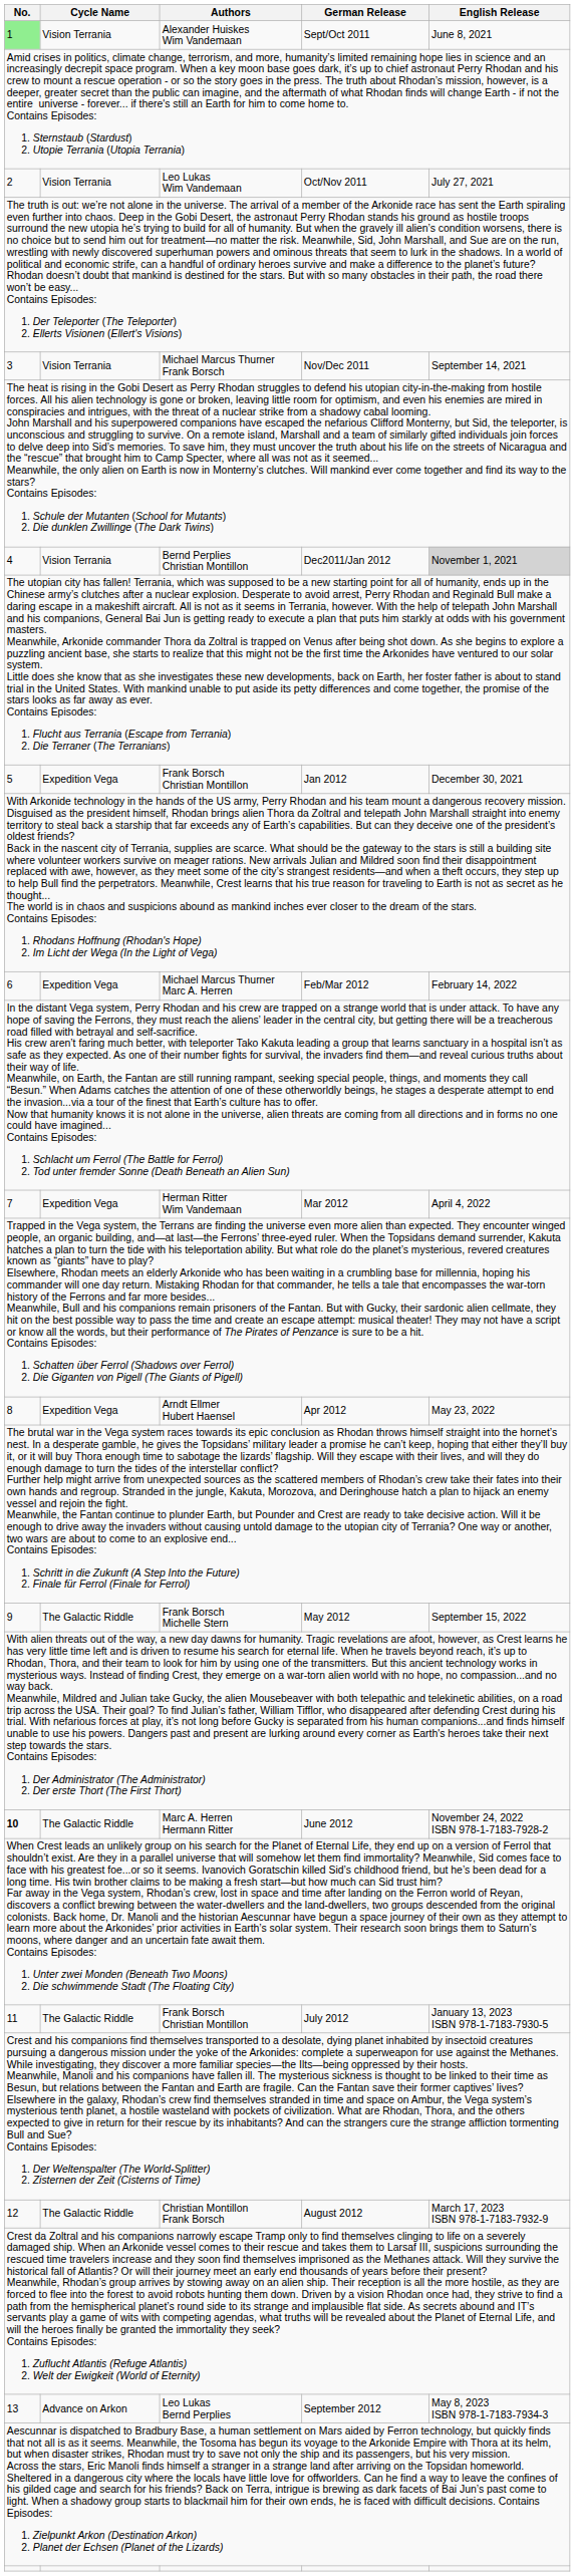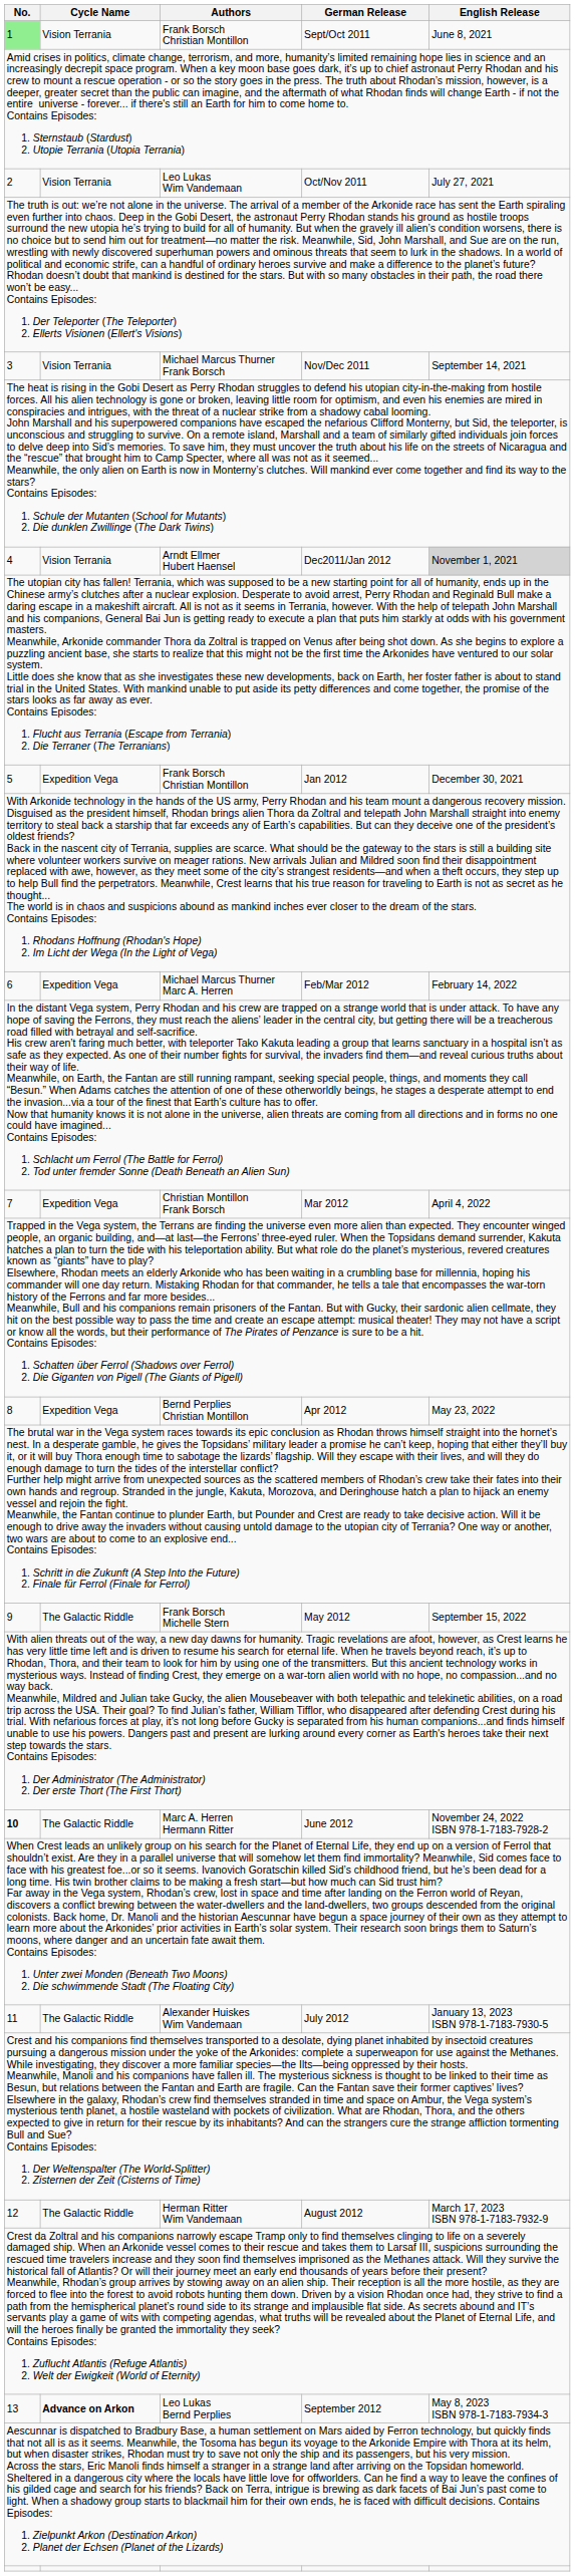 <table class="wikitable">
 <tr>
 <th>No.</th>
 <th>Cycle Name</th>
 <th>Authors</th>
 <th>German Release</th>
 <th>English Release</th>
 </tr>
 <tr>
 <td style="background: lightgreen;">1</td>
 <td>Vision Terrania</td>
-<td>Alexander Huiskes<br>Wim Vandemaan</td>
+<td>Frank Borsch<br>Christian Montillon</td>
 <td>Sept/Oct 2011</td>
 <td>June 8, 2021<br></td>
 </tr>
 <tr>
 <td colspan="5">Amid crises in politics, climate change, terrorism, and more, humanity’s limited remaining hope lies in science and an increasingly decrepit space program. When a key moon base goes dark, it’s up to chief astronaut Perry Rhodan and his crew to mount a rescue operation - or so the story goes in the press. The truth about Rhodan’s mission, however, is a deeper, greater secret than the public can imagine, and the aftermath of what Rhodan finds will change Earth - if not the entire  universe - forever... if there's still an Earth for him to come home to.<br>Contains Episodes:<ol><li><em>Sternstaub</em> (<em>Stardust</em>)</li><li><em>Utopie Terrania</em> (<em>Utopia Terrania</em>)</li></ol></td>
 </tr>
 <tr>
 <td>2</td>
 <td>Vision Terrania</td>
 <td>Leo Lukas<br>Wim Vandemaan</td>
 <td>Oct/Nov 2011</td>
 <td>July 27, 2021<br></td>
 </tr>
 <tr>
 <td colspan="5">The truth is out: we’re not alone in the universe. The arrival of a member of the Arkonide race has sent the Earth spiraling even further into chaos. Deep in the Gobi Desert, the astronaut Perry Rhodan stands his ground as hostile troops surround the new utopia he’s trying to build for all of humanity. But when the gravely ill alien’s condition worsens, there is no choice but to send him out for treatment—no matter the risk. Meanwhile, Sid, John Marshall, and Sue are on the run, wrestling with newly discovered superhuman powers and ominous threats that seem to lurk in the shadows. In a world of political and economic strife, can a handful of ordinary heroes survive and make a difference to the planet’s future? Rhodan doesn’t doubt that mankind is destined for the stars. But with so many obstacles in their path, the road there won’t be easy...<br>Contains Episodes:<ol><li><em>Der Teleporter</em> (<em>The Teleporter</em>)</li><li><em>Ellerts Visionen</em> (<em>Ellert's Visions</em>)</li></ol></td>
 </tr>
 <tr>
 <td>3</td>
 <td>Vision Terrania</td>
 <td>Michael Marcus Thurner<br>Frank Borsch</td>
 <td>Nov/Dec 2011</td>
 <td>September 14, 2021<br></td>
 </tr>
 <tr>
 <td colspan="5">The heat is rising in the Gobi Desert as Perry Rhodan struggles to defend his utopian city-in-the-making from hostile forces. All his alien technology is gone or broken, leaving little room for optimism, and even his enemies are mired in conspiracies and intrigues, with the threat of a nuclear strike from a shadowy cabal looming.<br>John Marshall and his superpowered companions have escaped the nefarious Clifford Monterny, but Sid, the teleporter, is unconscious and struggling to survive. On a remote island, Marshall and a team of similarly gifted individuals join forces to delve deep into Sid’s memories. To save him, they must uncover the truth about his life on the streets of Nicaragua and the “rescue” that brought him to Camp Specter, where all was not as it seemed...<br>Meanwhile, the only alien on Earth is now in Monterny’s clutches. Will mankind ever come together and find its way to the stars?<br>Contains Episodes:<ol><li><em>Schule der Mutanten</em> (<em>School for Mutants</em>)</li><li><em>Die dunklen Zwillinge</em> (<em>The Dark Twins</em>)</li></ol></td>
 </tr>
 <tr>
 <td>4</td>
 <td>Vision Terrania</td>
-<td>Bernd Perplies<br>Christian Montillon</td>
+<td>Arndt Ellmer<br>Hubert Haensel</td>
 <td>Dec2011/Jan 2012</td>
 <td style="background: lightgrey;">November 1, 2021<br></td>
 </tr>
 <tr>
 <td colspan="5">The utopian city has fallen! Terrania, which was supposed to be a new starting point for all of humanity, ends up in the Chinese army’s clutches after a nuclear explosion. Desperate to avoid arrest, Perry Rhodan and Reginald Bull make a daring escape in a makeshift aircraft. All is not as it seems in Terrania, however. With the help of telepath John Marshall and his companions, General Bai Jun is getting ready to execute a plan that puts him starkly at odds with his government masters.<br>Meanwhile, Arkonide commander Thora da Zoltral is trapped on Venus after being shot down. As she begins to explore a puzzling ancient base, she starts to realize that this might not be the first time the Arkonides have ventured to our solar system.<br>Little does she know that as she investigates these new developments, back on Earth, her foster father is about to stand trial in the United States. With mankind unable to put aside its petty differences and come together, the promise of the stars looks as far away as ever.<br>Contains Episodes:<ol><li><em>Flucht aus Terrania</em> (<em>Escape from Terrania</em>)</li><li><em>Die Terraner</em> (<em>The Terranians</em>)</li></ol></td>
 </tr>
 <tr>
 <td>5</td>
 <td>Expedition Vega</td>
 <td>Frank Borsch<br>Christian Montillon</td>
 <td>Jan 2012</td>
 <td>December 30, 2021<br></td>
 </tr>
 <tr>
 <td colspan="5">With Arkonide technology in the hands of the US army, Perry Rhodan and his team mount a dangerous recovery mission. Disguised as the president himself, Rhodan brings alien Thora da Zoltral and telepath John Marshall straight into enemy territory to steal back a starship that far exceeds any of Earth’s capabilities. But can they deceive one of the president’s oldest friends?<br>Back in the nascent city of Terrania, supplies are scarce. What should be the gateway to the stars is still a building site where volunteer workers survive on meager rations. New arrivals Julian and Mildred soon find their disappointment replaced with awe, however, as they meet some of the city’s strangest residents—and when a theft occurs, they step up to help Bull find the perpetrators. Meanwhile, Crest learns that his true reason for traveling to Earth is not as secret as he thought...<br>The world is in chaos and suspicions abound as mankind inches ever closer to the dream of the stars.<br>Contains Episodes:<ol><li><em>Rhodans Hoffnung (Rhodan's Hope)</em></li><li><em>Im Licht der Wega (In the Light of Vega)</em></li></ol></td>
 </tr>
 <tr>
 <td>6</td>
 <td>Expedition Vega</td>
 <td>Michael Marcus Thurner<br>Marc A. Herren</td>
 <td>Feb/Mar 2012</td>
 <td>February 14, 2022<br></td>
 </tr>
 <tr>
 <td colspan="5">In the distant Vega system, Perry Rhodan and his crew are trapped on a strange world that is under attack. To have any hope of saving the Ferrons, they must reach the aliens’ leader in the central city, but getting there will be a treacherous road filled with betrayal and self-sacrifice.<br>His crew aren’t faring much better, with teleporter Tako Kakuta leading a group that learns sanctuary in a hospital isn’t as safe as they expected. As one of their number fights for survival, the invaders find them—and reveal curious truths about their way of life.<br>Meanwhile, on Earth, the Fantan are still running rampant, seeking special people, things, and moments they call “Besun.” When Adams catches the attention of one of these otherworldly beings, he stages a desperate attempt to end the invasion...via a tour of the finest that Earth’s culture has to offer.<br>Now that humanity knows it is not alone in the universe, alien threats are coming from all directions and in forms no one could have imagined...<br>Contains Episodes:<ol><li><em>Schlacht um Ferrol (The Battle for Ferrol)</em></li><li><em>Tod unter fremder Sonne (Death Beneath an Alien Sun)</em></li></ol></td>
 </tr>
 <tr>
 <td>7</td>
 <td>Expedition Vega</td>
-<td>Herman Ritter<br>Wim Vandemaan</td>
+<td>Christian Montillon<br>Frank Borsch</td>
 <td>Mar 2012</td>
 <td>April 4, 2022<br></td>
 </tr>
 <tr>
 <td colspan="5">Trapped in the Vega system, the Terrans are finding the universe even more alien than expected. They encounter winged people, an organic building, and—at last—the Ferrons’ three-eyed ruler. When the Topsidans demand surrender, Kakuta hatches a plan to turn the tide with his teleportation ability. But what role do the planet’s mysterious, revered creatures known as “giants” have to play?<br>Elsewhere, Rhodan meets an elderly Arkonide who has been waiting in a crumbling base for millennia, hoping his commander will one day return. Mistaking Rhodan for that commander, he tells a tale that encompasses the war-torn history of the Ferrons and far more besides...<br>Meanwhile, Bull and his companions remain prisoners of the Fantan. But with Gucky, their sardonic alien cellmate, they hit on the best possible way to pass the time and create an escape attempt: musical theater! They may not have a script or know all the words, but their performance of <em>The Pirates of Penzance</em> is sure to be a hit.<br>Contains Episodes:<ol><li><em>Schatten über Ferrol (Shadows over Ferrol)</em></li><li><em>Die Giganten von Pigell (The Giants of Pigell)</em></li></ol></td>
 </tr>
 <tr>
 <td>8</td>
 <td>Expedition Vega</td>
-<td>Arndt Ellmer<br>Hubert Haensel</td>
+<td>Bernd Perplies<br>Christian Montillon</td>
 <td>Apr 2012</td>
 <td>May 23, 2022<br></td>
 </tr>
 <tr>
 <td colspan="5">The brutal war in the Vega system races towards its epic conclusion as Rhodan throws himself straight into the hornet’s nest. In a desperate gamble, he gives the Topsidans’ military leader a promise he can’t keep, hoping that either they’ll buy it, or it will buy Thora enough time to sabotage the lizards’ flagship. Will they escape with their lives, and will they do enough damage to turn the tides of the interstellar conflict?<br>Further help might arrive from unexpected sources as the scattered members of Rhodan’s crew take their fates into their own hands and regroup. Stranded in the jungle, Kakuta, Morozova, and Deringhouse hatch a plan to hijack an enemy vessel and rejoin the fight.<br>Meanwhile, the Fantan continue to plunder Earth, but Pounder and Crest are ready to take decisive action. Will it be enough to drive away the invaders without causing untold damage to the utopian city of Terrania? One way or another, two wars are about to come to an explosive end...<br>Contains Episodes:<ol><li><em>Schritt in die Zukunft (A Step Into the Future)</em></li><li><em>Finale für Ferrol (Finale for Ferrol)</em></li></ol></td>
 </tr>
 <tr>
 <td>9</td>
 <td>The Galactic Riddle</td>
 <td>Frank Borsch<br>Michelle Stern</td>
 <td>May 2012</td>
 <td>September 15, 2022<br></td>
 </tr>
 <tr>
 <td colspan="5">With alien threats out of the way, a new day dawns for humanity. Tragic revelations are afoot, however, as Crest learns he has very little time left and is driven to resume his search for eternal life. When he travels beyond reach, it’s up to Rhodan, Thora, and their team to look for him by using one of the transmitters. But this ancient technology works in mysterious ways. Instead of finding Crest, they emerge on a war-torn alien world with no hope, no compassion...and no way back.<br>Meanwhile, Mildred and Julian take Gucky, the alien Mousebeaver with both telepathic and telekinetic abilities, on a road trip across the USA. Their goal? To find Julian’s father, William Tifflor, who disappeared after defending Crest during his trial. With nefarious forces at play, it’s not long before Gucky is separated from his human companions...and finds himself unable to use his powers. Dangers past and present are lurking around every corner as Earth's heroes take their next step towards the stars.<br>Contains Episodes:<ol><li><em>Der Administrator (The Administrator)</em></li><li><em>Der erste Thort (The First Thort)</em></li></ol></td>
 </tr>
 <tr>
 <td><strong>10</strong></td>
 <td>The Galactic Riddle</td>
 <td>Marc A. Herren<br>Hermann Ritter</td>
 <td>June 2012</td>
 <td>November 24, 2022<br>ISBN 978-1-7183-7928-2</td>
 </tr>
 <tr>
 <td colspan="5">When Crest leads an unlikely group on his search for the Planet of Eternal Life, they end up on a version of Ferrol that shouldn’t exist. Are they in a parallel universe that will somehow let them find immortality? Meanwhile, Sid comes face to face with his greatest foe...or so it seems. Ivanovich Goratschin killed Sid’s childhood friend, but he’s been dead for a long time. His twin brother claims to be making a fresh start—but how much can Sid trust him?<br>Far away in the Vega system, Rhodan’s crew, lost in space and time after landing on the Ferron world of Reyan, discovers a conflict brewing between the water-dwellers and the land-dwellers, two groups descended from the original colonists. Back home, Dr. Manoli and the historian Aescunnar have begun a space journey of their own as they attempt to learn more about the Arkonides’ prior activities in Earth’s solar system. Their research soon brings them to Saturn’s moons, where danger and an uncertain fate await them.<br>Contains Episodes:<ol><li><em>Unter zwei Monden (Beneath Two Moons)</em></li><li><em>Die schwimmende Stadt (The Floating City)</em></li></ol></td>
 </tr>
 <tr>
 <td>11</td>
 <td>The Galactic Riddle</td>
-<td>Frank Borsch<br>Christian Montillon</td>
+<td>Alexander Huiskes<br>Wim Vandemaan</td>
 <td>July 2012</td>
 <td>January 13, 2023<br>ISBN 978-1-7183-7930-5</td>
 </tr>
 <tr>
 <td colspan="5">Crest and his companions find themselves transported to a desolate, dying planet inhabited by insectoid creatures pursuing a dangerous mission under the yoke of the Arkonides: complete a superweapon for use against the Methanes. While investigating, they discover a more familiar species—the Ilts—being oppressed by their hosts.<br>Meanwhile, Manoli and his companions have fallen ill. The mysterious sickness is thought to be linked to their time as Besun, but relations between the Fantan and Earth are fragile. Can the Fantan save their former captives’ lives? Elsewhere in the galaxy, Rhodan’s crew find themselves stranded in time and space on Ambur, the Vega system’s mysterious tenth planet, a hostile wasteland with pockets of civilization. What are Rhodan, Thora, and the others expected to give in return for their rescue by its inhabitants? And can the strangers cure the strange affliction tormenting Bull and Sue?<br>Contains Episodes:<ol><li><em>Der Weltenspalter (The World-Splitter)</em></li><li><em>Zisternen der Zeit (Cisterns of Time)</em></li></ol></td>
 </tr>
 <tr>
 <td>12</td>
 <td>The Galactic Riddle</td>
-<td>Christian Montillon<br>Frank Borsch</td>
+<td>Herman Ritter<br>Wim Vandemaan</td>
 <td>August 2012</td>
 <td>March 17, 2023<br>ISBN 978-1-7183-7932-9</td>
 </tr>
 <tr>
 <td colspan="5">Crest da Zoltral and his companions narrowly escape Tramp only to find themselves clinging to life on a severely damaged ship. When an Arkonide vessel comes to their rescue and takes them to Larsaf III, suspicions surrounding the rescued time travelers increase and they soon find themselves imprisoned as the Methanes attack. Will they survive the historical fall of Atlantis? Or will their journey meet an early end thousands of years before their present?<br>Meanwhile, Rhodan’s group arrives by stowing away on an alien ship. Their reception is all the more hostile, as they are forced to flee into the forest to avoid robots hunting them down. Driven by a vision Rhodan once had, they strive to find a path from the hemispherical planet’s round side to its strange and implausible flat side. As secrets abound and IT’s servants play a game of wits with competing agendas, what truths will be revealed about the Planet of Eternal Life, and will the heroes finally be granted the immortality they seek?<br>Contains Episodes:<ol><li><em>Zuflucht Atlantis (Refuge Atlantis)</em></li><li><em>Welt der Ewigkeit (World of Eternity)</em></li></ol></td>
 </tr>
 <tr>
 <td>13</td>
-<td>Advance on Arkon</td>
+<td><strong>Advance on Arkon</strong></td>
 <td>Leo Lukas<br>Bernd Perplies</td>
 <td>September 2012</td>
 <td>May 8, 2023<br>ISBN 978-1-7183-7934-3</td>
 </tr>
 <tr>
 <td colspan="5">Aescunnar is dispatched to Bradbury Base, a human settlement on Mars aided by Ferron technology, but quickly finds that not all is as it seems. Meanwhile, the Tosoma has begun its voyage to the Arkonide Empire with Thora at its helm, but when disaster strikes, Rhodan must try to save not only the ship and its passengers, but his very mission.<br>Across the stars, Eric Manoli finds himself a stranger in a strange land after arriving on the Topsidan homeworld. Sheltered in a dangerous city where the locals have little love for offworlders. Can he find a way to leave the confines of his gilded cage and search for his friends? Back on Terra, intrigue is brewing as dark facets of Bai Jun’s past come to light. When a shadowy group starts to blackmail him for their own ends, he is faced with difficult decisions. Contains Episodes:<ol><li><em>Zielpunkt Arkon (Destination Arkon)</em></li><li><em>Planet der Echsen (Planet of the Lizards)</em></li></ol></td>
 </tr>
 <tr>
 <td></td>
 <td></td>
 <td></td>
 <td></td>
 <td></td>
 </tr>
 </table>
